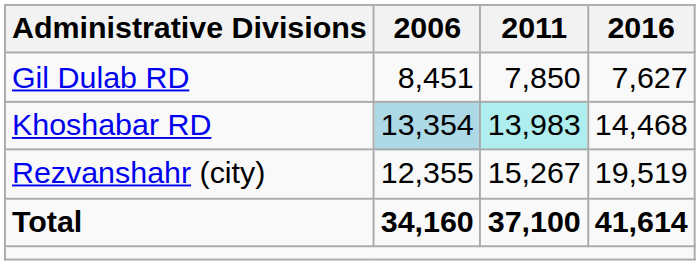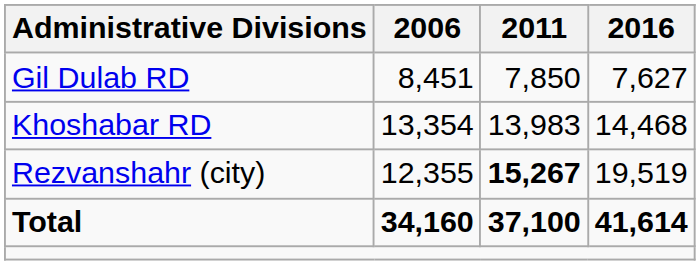 <table class="wikitable">
 <tr>
 <th>Administrative Divisions</th>
 <th>2006</th>
 <th>2011</th>
 <th>2016</th>
 </tr>
 <tr>
 <td><a href='#'>Gil Dulab RD</a></td>
 <td style="text-align: right;">8,451</td>
 <td style="text-align: right;">7,850</td>
 <td style="text-align: right;">7,627</td>
 </tr>
 <tr>
 <td><a href='#'>Khoshabar RD</a></td>
-<td style="background: lightblue; text-align: right;">13,354</td>
-<td style="background: paleturquoise; text-align: right;">13,983</td>
+<td style="text-align: right;">13,354</td>
+<td style="text-align: right;">13,983</td>
 <td style="text-align: right;">14,468</td>
 </tr>
 <tr>
 <td><a href='#'>Rezvanshahr</a> (city)</td>
 <td style="text-align: right;">12,355</td>
-<td style="text-align: right;">15,267</td>
+<td style="text-align: right;"><strong>15,267</strong></td>
 <td style="text-align: right;">19,519</td>
 </tr>
 <tr>
 <td><strong>Total</strong></td>
 <td style="text-align: right;"><strong>34,160</strong></td>
 <td style="text-align: right;"><strong>37,100</strong></td>
 <td style="text-align: right;"><strong>41,614</strong></td>
 </tr>
 <tr>
 <td colspan=4></td>
 </tr>
 </table>
